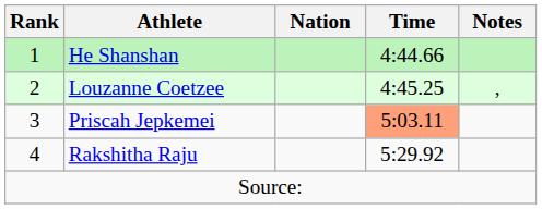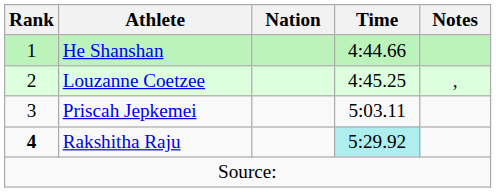 <table class="wikitable sortable" style="text-align:center;width: 65%;">
 <tr>
 <th scope="col" style="width: 10px;">Rank</th>
 <th scope="col">Athlete</th>
 <th scope="col">Nation</th>
 <th scope="col">Time</th>
 <th scope="col">Notes</th>
 </tr>
 <tr bgcolor=bbf3bb>
 <td>1</td>
 <td align=left><a href='#'>He Shanshan</a><br></td>
 <td align=left></td>
 <td>4:44.66</td>
 <td></td>
 </tr>
 <tr bgcolor=ddffdd>
 <td>2</td>
 <td align=left><a href='#'>Louzanne Coetzee</a><br></td>
 <td align=left></td>
 <td>4:45.25</td>
 <td>, </td>
 </tr>
 <tr>
 <td>3</td>
 <td align=left><a href='#'>Priscah Jepkemei</a><br></td>
 <td align=left></td>
-<td style="background: lightsalmon;">5:03.11</td>
+<td>5:03.11</td>
 <td></td>
 </tr>
 <tr>
-<td>4</td>
+<td><strong>4</strong></td>
 <td align=left><a href='#'>Rakshitha Raju</a><br></td>
 <td align=left></td>
-<td>5:29.92</td>
+<td style="background: paleturquoise;">5:29.92</td>
 <td></td>
 </tr>
 <tr class="sortbottom">
 <td colspan="5">Source:</td>
 </tr>
 </table>
